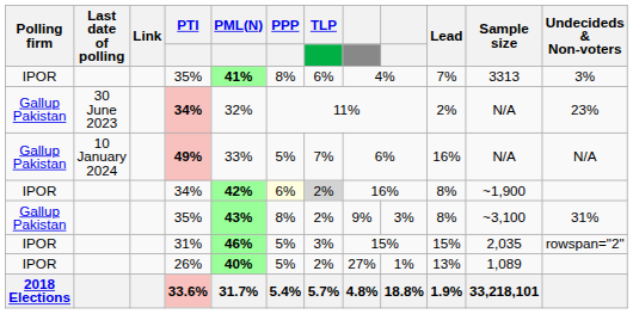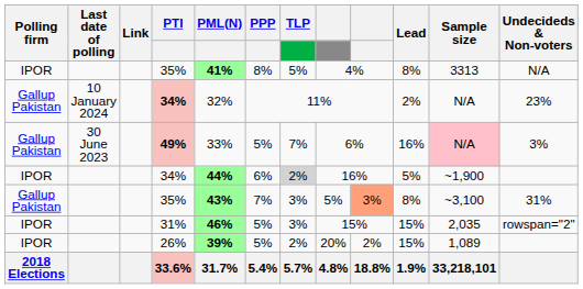 <table class="wikitable sortable" style="text-align:center;font-size:90%;line-height:14px">
 <tr style="height:40px;">
 <th style="width:105px;" rowspan="2">Polling firm</th>
 <th style="width:105px;" rowspan="2">Last date<br>of polling</th>
 <th rowspan="2">Link</th>
 <th class="unsortable" style="width:40px;"><a href='#'>PTI</a></th>
 <th class="unsortable" style="width:40px;"><a href='#'>PML(N)</a></th>
 <th class="unsortable" style="width:40px;"><a href='#'>PPP</a></th>
 <th class="unsortable" style="width:40px;"><a href='#'>TLP</a></th>
 <th class="unsortable" style="width:40px;"><a href='#'></a></th>
 <th class="unsortable" style="width:40px;"><a href='#'></a></th>
 <th rowspan="2">Lead</th>
 <th rowspan="2">Sample<br>size</th>
 <th rowspan="2">Undecideds &<br>Non-voters</th>
 </tr>
 <tr>
 <th style="background:"></th>
 <th style="background:"></th>
 <th style="background:"></th>
 <th style="background:#01B045;" data-sort-type="number"></th>
 <th style="background:#888888;" data-sort-type="number"></th>
 <th style="background:"></th>
 </tr>
 <tr>
 <td>IPOR</td>
 <td></td>
 <td></td>
 <td>35%</td>
 <td style="background:rgb(153, 255, 153)"><strong>41%</strong></td>
 <td>8%</td>
-<td>6%</td>
+<td>5%</td>
 <td colspan = "2">4%</td>
-<td style="background:"><span>7%</span></td>
+<td style="background:"><span>8%</span></td>
 <td>3313</td>
-<td>3%</td>
+<td>N/A</td>
 </tr>
 <tr>
 <td><a href='#'>Gallup Pakistan</a></td>
-<td>30 June 2023</td>
+<td>10 January 2024</td>
 <td></td>
 <td style="background:rgb(248, 193, 190)"><strong>34%</strong></td>
 <td>32%</td>
 <td colspan="4">11%</td>
 <td style="background:"><span>2%</span></td>
 <td>N/A</td>
 <td>23%</td>
 </tr>
 <tr>
 <td><a href='#'>Gallup Pakistan</a></td>
-<td>10 January 2024</td>
+<td>30 June 2023</td>
 <td></td>
 <td style="background:rgb(248, 193, 190)"><strong>49%</strong></td>
 <td>33%</td>
 <td>5%</td>
 <td>7%</td>
 <td colspan="2">6%</td>
 <td style="background:"><span>16%</span></td>
-<td>N/A</td>
-<td>N/A</td>
+<td style="background: pink;">N/A</td>
+<td>3%</td>
 </tr>
 <tr>
 <td>IPOR</td>
 <td></td>
 <td></td>
 <td>34%</td>
-<td style="background:rgb(153, 255, 153)"><strong>42%</strong></td>
-<td style="background: lightyellow;">6%</td>
+<td style="background:rgb(153, 255, 153)"><strong>44%</strong></td>
+<td>6%</td>
 <td style="background: lightgrey;">2%</td>
 <td colspan = "2">16%</td>
-<td style="background:"><span>8%</span></td>
+<td style="background:"><span>5%</span></td>
 <td>~1,900</td>
 <td></td>
 </tr>
 <tr>
 <td><a href='#'>Gallup Pakistan</a></td>
 <td></td>
 <td></td>
 <td>35%</td>
 <td style="background:rgb(153, 255, 153)"><strong>43%</strong></td>
-<td>8%</td>
-<td>2%</td>
-<td>9%</td>
+<td>7%</td>
 <td>3%</td>
+<td>5%</td>
+<td style="background: lightsalmon;">3%</td>
 <td style="background:"><span>8%</span></td>
 <td>~3,100</td>
 <td>31%</td>
 </tr>
 <tr>
 <td>IPOR</td>
 <td></td>
 <td></td>
 <td>31%</td>
 <td style="background:rgb(153, 255, 153)"><strong>46%</strong></td>
 <td>5%</td>
 <td>3%</td>
 <td colspan = "2">15%</td>
 <td style="background:"><span>15%</span></td>
 <td>2,035</td>
 <td>rowspan="2" </td>
 </tr>
 <tr>
 <td>IPOR</td>
 <td></td>
 <td></td>
 <td>26%</td>
-<td style="background:rgb(153, 255, 153)"><strong>40%</strong></td>
+<td style="background:rgb(153, 255, 153)"><strong>39%</strong></td>
 <td>5%</td>
 <td>2%</td>
-<td>27%</td>
-<td>1%</td>
-<td style="background:"><span>13%</span></td>
+<td>20%</td>
+<td>2%</td>
+<td style="background:"><span>15%</span></td>
 <td>1,089</td>
 </tr>
 <tr>
 <th><a href='#'>2018 Elections</a></th>
 <th></th>
 <th></th>
 <th style="background:rgb(248, 193, 190)"><strong>33.6%</strong></th>
 <th>31.7%</th>
 <th>5.4%</th>
 <th>5.7%</th>
 <th>4.8%</th>
 <th>18.8%</th>
 <th style="background:"><span>1.9%</span></th>
 <th>33,218,101</th>
 <th></th>
 </tr>
 </table>
